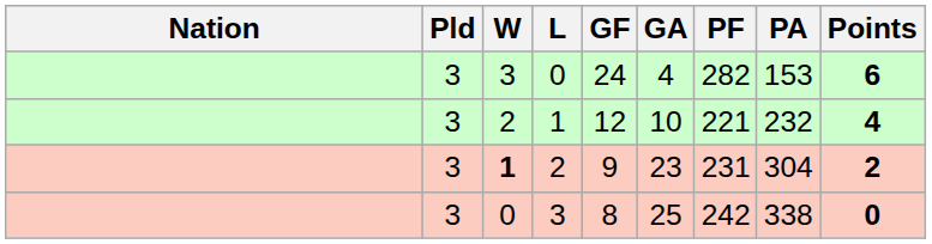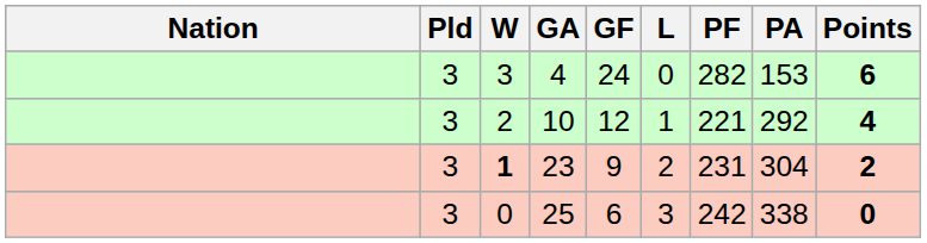 <table class=wikitable style="text-align:center">
 <tr>
 <th width=220>Nation</th>
 <th width=20>Pld</th>
 <th width=20>W</th>
+<th width=20>GA</th>
+<th width=20>GF</th>
 <th width=20>L</th>
-<th width=20>GF</th>
-<th width=20>GA</th>
 <th width=20>PF</th>
 <th width=20>PA</th>
 <th width=50>Points</th>
 </tr>
 <tr bgcolor="#ccffcc">
 <td align=left></td>
 <td>3</td>
 <td>3</td>
+<td>4</td>
+<td>24</td>
 <td>0</td>
-<td>24</td>
-<td>4</td>
 <td>282</td>
 <td>153</td>
 <td><strong>6</strong></td>
 </tr>
 <tr bgcolor="#ccffcc">
 <td align=left></td>
 <td>3</td>
 <td>2</td>
+<td>10</td>
+<td>12</td>
 <td>1</td>
-<td>12</td>
-<td>10</td>
 <td>221</td>
-<td>232</td>
+<td>292</td>
 <td><strong>4</strong></td>
 </tr>
 <tr bgcolor="#fcccc">
 <td align=left></td>
 <td>3</td>
 <td><strong>1</strong></td>
+<td>23</td>
+<td>9</td>
 <td>2</td>
-<td>9</td>
-<td>23</td>
 <td>231</td>
 <td>304</td>
 <td><strong>2</strong></td>
 </tr>
 <tr bgcolor="#fcccc">
 <td align=left></td>
 <td>3</td>
 <td>0</td>
+<td>25</td>
+<td>6</td>
 <td>3</td>
-<td>8</td>
-<td>25</td>
 <td>242</td>
 <td>338</td>
 <td><strong>0</strong></td>
 </tr>
 </table>
